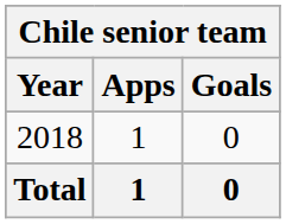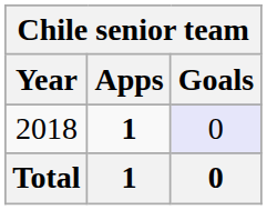 <table class="wikitable" style="text-align:center">
 <tr>
 <th colspan="6">Chile senior team</th>
 </tr>
 <tr>
 <th>Year</th>
 <th>Apps</th>
 <th>Goals</th>
 </tr>
 <tr>
 <td>2018</td>
-<td>1</td>
-<td>0</td>
+<td><strong>1</strong></td>
+<td style="background: lavender;">0</td>
 </tr>
 <tr>
 <th>Total</th>
 <th>1</th>
 <th>0</th>
 </tr>
 </table>
